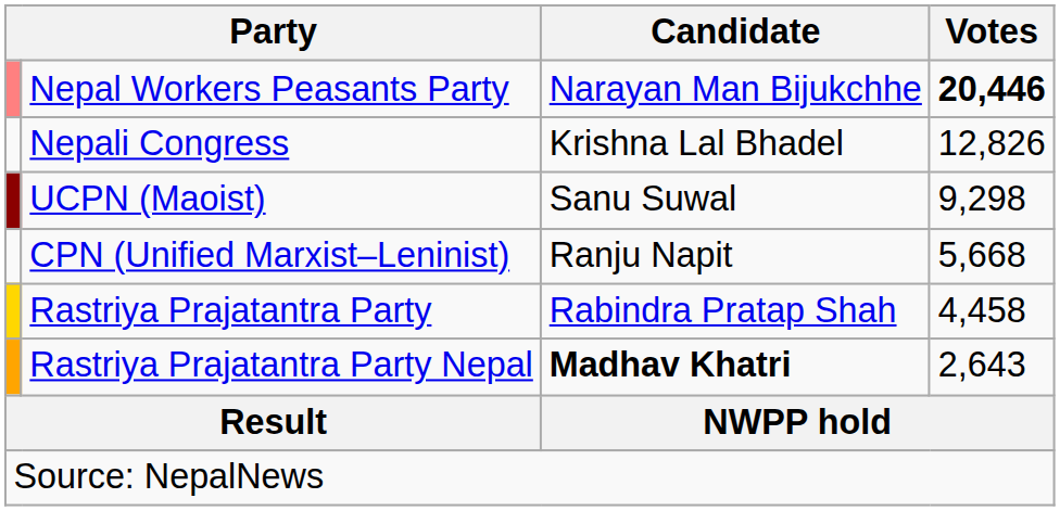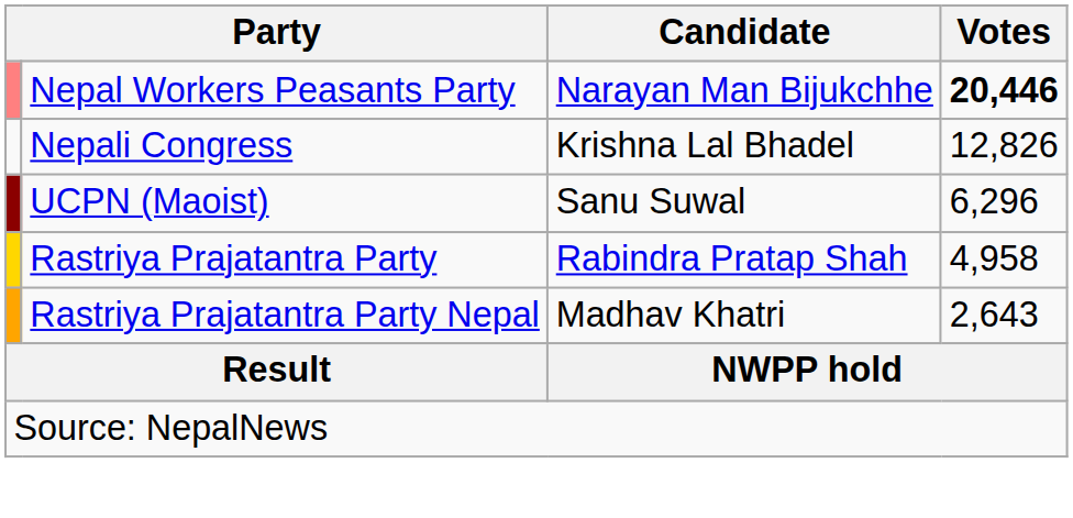 <table class="wikitable">
 <tr>
 <th colspan="2">Party</th>
 <th>Candidate</th>
 <th>Votes</th>
 </tr>
 <tr>
 <td style="background-color:#FF8080"></td>
 <td><a href='#'>Nepal Workers Peasants Party</a></td>
 <td><a href='#'>Narayan Man Bijukchhe</a></td>
 <td><strong>20,446</strong></td>
 </tr>
 <tr>
 <td style="background-color:"></td>
 <td><a href='#'>Nepali Congress</a></td>
 <td>Krishna Lal Bhadel</td>
 <td>12,826</td>
 </tr>
 <tr>
 <td style="background-color:darkred"></td>
 <td><a href='#'>UCPN (Maoist)</a></td>
 <td>Sanu Suwal</td>
-<td>9,298</td>
-</tr>
-<tr>
-<td style="background-color:"></td>
-<td><a href='#'>CPN (Unified Marxist–Leninist)</a></td>
-<td>Ranju Napit</td>
-<td>5,668</td>
+<td>6,296</td>
 </tr>
 <tr>
 <td style="background-color:gold"></td>
 <td><a href='#'>Rastriya Prajatantra Party</a></td>
 <td><a href='#'>Rabindra Pratap Shah</a></td>
-<td>4,458</td>
+<td>4,958</td>
 </tr>
 <tr>
 <td style="background-color:orange"></td>
 <td><a href='#'>Rastriya Prajatantra Party Nepal</a></td>
-<td><strong>Madhav Khatri</strong></td>
+<td>Madhav Khatri</td>
 <td>2,643</td>
 </tr>
 <tr>
 <th colspan="2">Result</th>
 <th colspan="2">NWPP hold</th>
 </tr>
 <tr>
 <td colspan="4">Source: NepalNews</td>
 </tr>
 </table>
